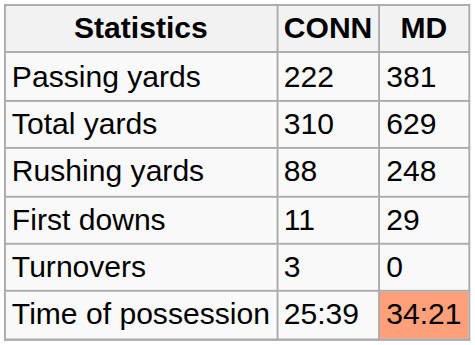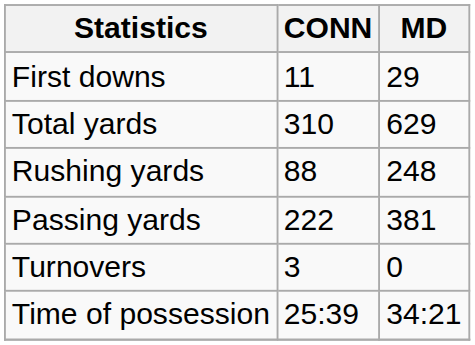 <table class="wikitable" style="float: left;">
 <tr>
 <th>Statistics</th>
 <th>CONN</th>
 <th>MD</th>
 </tr>
 <tr>
-<td>Passing yards</td>
-<td>222</td>
-<td>381</td>
+<td>First downs</td>
+<td>11</td>
+<td>29</td>
 </tr>
 <tr>
 <td>Total yards</td>
 <td>310</td>
 <td>629</td>
 </tr>
 <tr>
 <td>Rushing yards</td>
 <td>88</td>
 <td>248</td>
 </tr>
 <tr>
-<td>First downs</td>
-<td>11</td>
-<td>29</td>
+<td>Passing yards</td>
+<td>222</td>
+<td>381</td>
 </tr>
 <tr>
 <td>Turnovers</td>
 <td>3</td>
 <td>0</td>
 </tr>
 <tr>
 <td>Time of possession</td>
 <td>25:39</td>
-<td style="background: lightsalmon;">34:21</td>
+<td>34:21</td>
 </tr>
 <tr>
 </tr>
 </table>
